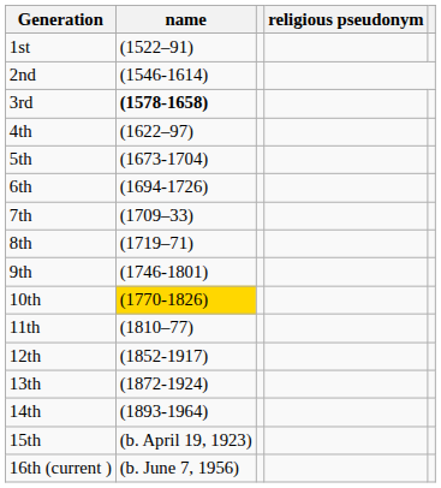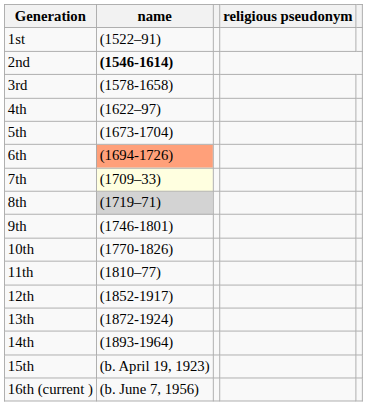 <table class="wikitable">
 <tr>
 <th><strong>Generation</strong></th>
 <th><strong>name</strong></th>
 <th></th>
 <th><strong>religious pseudonym</strong></th>
 <th></th>
 </tr>
 <tr>
 <td>1st</td>
 <td> (1522–91)</td>
 <td></td>
 <td></td>
 <td></td>
 </tr>
 <tr>
 <td>2nd</td>
-<td> (1546-1614)</td>
+<td><strong> (1546-1614)</strong></td>
 <td></td>
 </tr>
 <tr>
 <td>3rd</td>
-<td><strong> (1578-1658)</strong></td>
+<td> (1578-1658)</td>
 <td></td>
 <td></td>
 <td></td>
 </tr>
 <tr>
 <td>4th</td>
 <td> (1622–97)</td>
 <td></td>
 <td></td>
 <td></td>
 </tr>
 <tr>
 <td>5th</td>
 <td> (1673-1704)</td>
 <td></td>
 <td></td>
 <td></td>
 </tr>
 <tr>
 <td>6th</td>
-<td> (1694-1726)</td>
+<td style="background: lightsalmon;"> (1694-1726)</td>
 <td></td>
 <td></td>
 <td></td>
 </tr>
 <tr>
 <td>7th</td>
-<td> (1709–33)</td>
+<td style="background: lightyellow;"> (1709–33)</td>
 <td></td>
 <td></td>
 <td></td>
 </tr>
 <tr>
 <td>8th</td>
-<td> (1719–71)</td>
+<td style="background: lightgrey;"> (1719–71)</td>
 <td></td>
 <td></td>
 <td></td>
 </tr>
 <tr>
 <td>9th</td>
 <td> (1746-1801)</td>
 <td></td>
 <td></td>
 <td></td>
 </tr>
 <tr>
 <td>10th</td>
-<td style="background: gold;"> (1770-1826)</td>
+<td> (1770-1826)</td>
 <td></td>
 <td></td>
 <td></td>
 </tr>
 <tr>
 <td>11th</td>
 <td> (1810–77)</td>
 <td></td>
 <td></td>
 <td></td>
 </tr>
 <tr>
 <td>12th</td>
 <td> (1852-1917)</td>
 <td></td>
 <td></td>
 <td></td>
 </tr>
 <tr>
 <td>13th</td>
 <td> (1872-1924)</td>
 <td></td>
 <td></td>
 <td></td>
 </tr>
 <tr>
 <td>14th</td>
 <td> (1893-1964)</td>
 <td></td>
 <td></td>
 <td></td>
 </tr>
 <tr>
 <td>15th</td>
 <td> (b. April 19, 1923)</td>
 <td></td>
 <td></td>
 <td></td>
 </tr>
 <tr>
 <td>16th (current )</td>
 <td> (b. June 7, 1956)</td>
 <td></td>
 <td></td>
 <td></td>
 </tr>
 </table>
